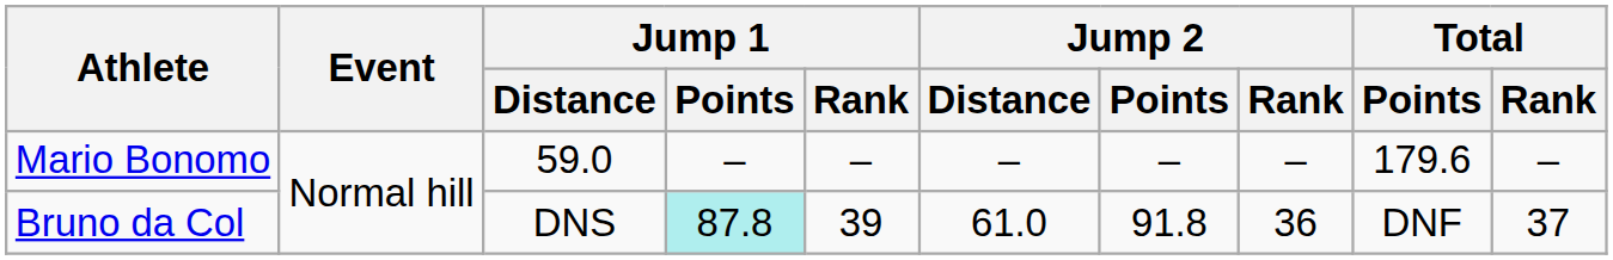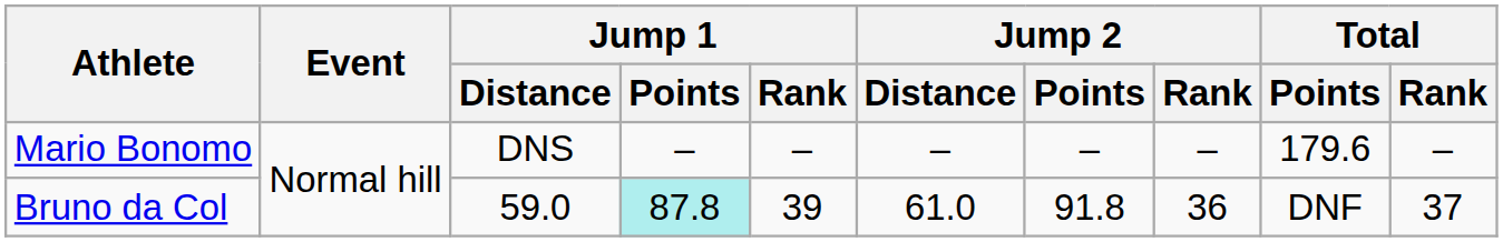 <table class="wikitable" style="font-size:90%">
 <tr>
 <th rowspan="2">Athlete</th>
 <th rowspan="2">Event</th>
 <th colspan="3">Jump 1</th>
 <th colspan="3">Jump 2</th>
 <th colspan="2">Total</th>
 </tr>
 <tr>
 <th>Distance</th>
 <th>Points</th>
 <th>Rank</th>
 <th>Distance</th>
 <th>Points</th>
 <th>Rank</th>
 <th>Points</th>
 <th>Rank</th>
 </tr>
 <tr>
 <td><a href='#'>Mario Bonomo</a></td>
 <td rowspan="2">Normal hill</td>
-<td align="center">59.0</td>
+<td align="center">DNS</td>
 <td align="center">–</td>
 <td align="center">–</td>
 <td align="center">–</td>
 <td align="center">–</td>
 <td align="center">–</td>
 <td align="center">179.6</td>
 <td align="center">–</td>
 </tr>
 <tr>
 <td><a href='#'>Bruno da Col</a></td>
-<td align="center">DNS</td>
+<td align="center">59.0</td>
 <td align="center" style="background: paleturquoise;">87.8</td>
 <td align="center">39</td>
 <td align="center">61.0</td>
 <td align="center">91.8</td>
 <td align="center">36</td>
 <td align="center">DNF</td>
 <td align="center">37</td>
 </tr>
 </table>
